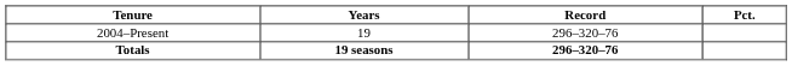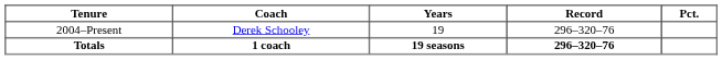 <table cellpadding="1" border="1" cellspacing="0" width="60%">
 <tr>
 <th>Tenure</th>
+<th>Coach</th>
 <th>Years</th>
 <th>Record</th>
 <th>Pct.</th>
 </tr>
 <tr align="center">
 <td>2004–Present</td>
+<td><a href='#'>Derek Schooley</a></td>
 <td>19</td>
 <td>296–320–76</td>
 <td></td>
 </tr>
 <tr align="center">
 <th>Totals</th>
+<th>1 coach</th>
 <th>19 seasons</th>
 <th>296–320–76</th>
 <th></th>
 </tr>
 </table>
